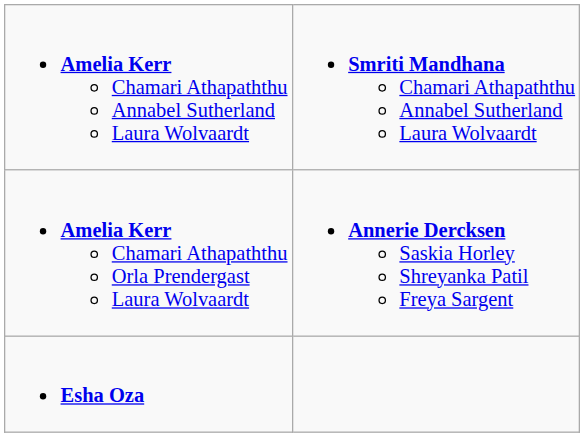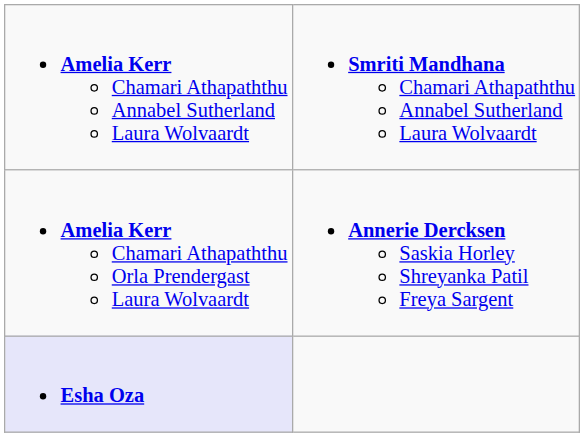 <table class=wikitable>
 <tr>
 <td valign="top" width="50%"><br><ul><li> <strong><a href='#'>Amelia Kerr</a></strong><ul><li> <a href='#'>Chamari Athapaththu</a></li><li> <a href='#'>Annabel Sutherland</a></li><li> <a href='#'>Laura Wolvaardt</a></li></ul></li></ul></td>
 <td valign="top" width="50%"><br><ul><li> <strong><a href='#'>Smriti Mandhana</a></strong><ul><li> <a href='#'>Chamari Athapaththu</a></li><li> <a href='#'>Annabel Sutherland</a></li><li> <a href='#'>Laura Wolvaardt</a></li></ul></li></ul></td>
 </tr>
 <tr>
 <td valign="top" width="50%"><br><ul><li> <strong><a href='#'>Amelia Kerr</a></strong><ul><li> <a href='#'>Chamari Athapaththu</a></li><li> <a href='#'>Orla Prendergast</a></li><li> <a href='#'>Laura Wolvaardt</a></li></ul></li></ul></td>
 <td valign="top" width="50%"><br><ul><li> <strong><a href='#'>Annerie Dercksen</a></strong><ul><li> <a href='#'>Saskia Horley</a></li><li> <a href='#'>Shreyanka Patil</a></li><li> <a href='#'>Freya Sargent</a></li></ul></li></ul></td>
 </tr>
 <tr>
-<td valign="top" width="50%"><br><ul><li> <strong><a href='#'>Esha Oza</a></strong></li></ul></td>
+<td valign="top" width="50%" style="background: lavender;"><br><ul><li> <strong><a href='#'>Esha Oza</a></strong></li></ul></td>
 </tr>
 </table>
